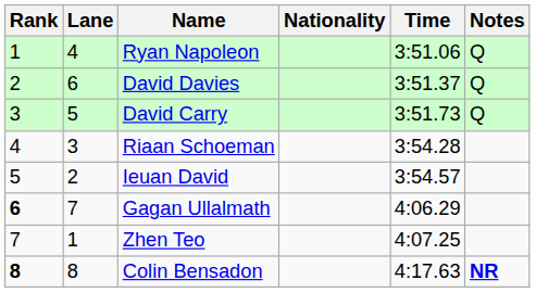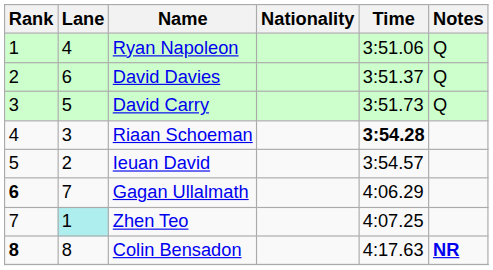 <table class="wikitable">
 <tr>
 <th>Rank</th>
 <th>Lane</th>
 <th>Name</th>
 <th>Nationality</th>
 <th>Time</th>
 <th>Notes</th>
 </tr>
 <tr>
 <td bgcolor= ccffcc>1</td>
 <td bgcolor= ccffcc>4</td>
 <td bgcolor= ccffcc><a href='#'>Ryan Napoleon</a></td>
 <td bgcolor= ccffcc></td>
 <td bgcolor= ccffcc>3:51.06</td>
 <td bgcolor= ccffcc>Q</td>
 </tr>
 <tr>
 <td bgcolor= ccffcc>2</td>
 <td bgcolor= ccffcc>6</td>
 <td bgcolor= ccffcc><a href='#'>David Davies</a></td>
 <td bgcolor= ccffcc></td>
 <td bgcolor= ccffcc>3:51.37</td>
 <td bgcolor= ccffcc>Q</td>
 </tr>
 <tr>
 <td bgcolor= ccffcc>3</td>
 <td bgcolor= ccffcc>5</td>
 <td bgcolor= ccffcc><a href='#'>David Carry</a></td>
 <td bgcolor= ccffcc></td>
 <td bgcolor= ccffcc>3:51.73</td>
 <td bgcolor= ccffcc>Q</td>
 </tr>
 <tr>
 <td>4</td>
 <td>3</td>
 <td><a href='#'>Riaan Schoeman</a></td>
 <td></td>
-<td>3:54.28</td>
+<td><strong>3:54.28</strong></td>
 <td></td>
 </tr>
 <tr>
 <td>5</td>
 <td>2</td>
 <td><a href='#'>Ieuan David</a></td>
 <td></td>
 <td>3:54.57</td>
 <td></td>
 </tr>
 <tr>
 <td><strong>6</strong></td>
 <td>7</td>
 <td><a href='#'>Gagan Ullalmath</a></td>
 <td></td>
 <td>4:06.29</td>
 <td></td>
 </tr>
 <tr>
 <td>7</td>
-<td>1</td>
+<td style="background: paleturquoise;">1</td>
 <td><a href='#'>Zhen Teo</a></td>
 <td></td>
 <td>4:07.25</td>
 <td></td>
 </tr>
 <tr>
 <td><strong>8</strong></td>
 <td>8</td>
 <td><a href='#'>Colin Bensadon</a></td>
 <td></td>
 <td>4:17.63</td>
 <td><strong><a href='#'>NR</a></strong></td>
 </tr>
 <tr>
 </tr>
 </table>
